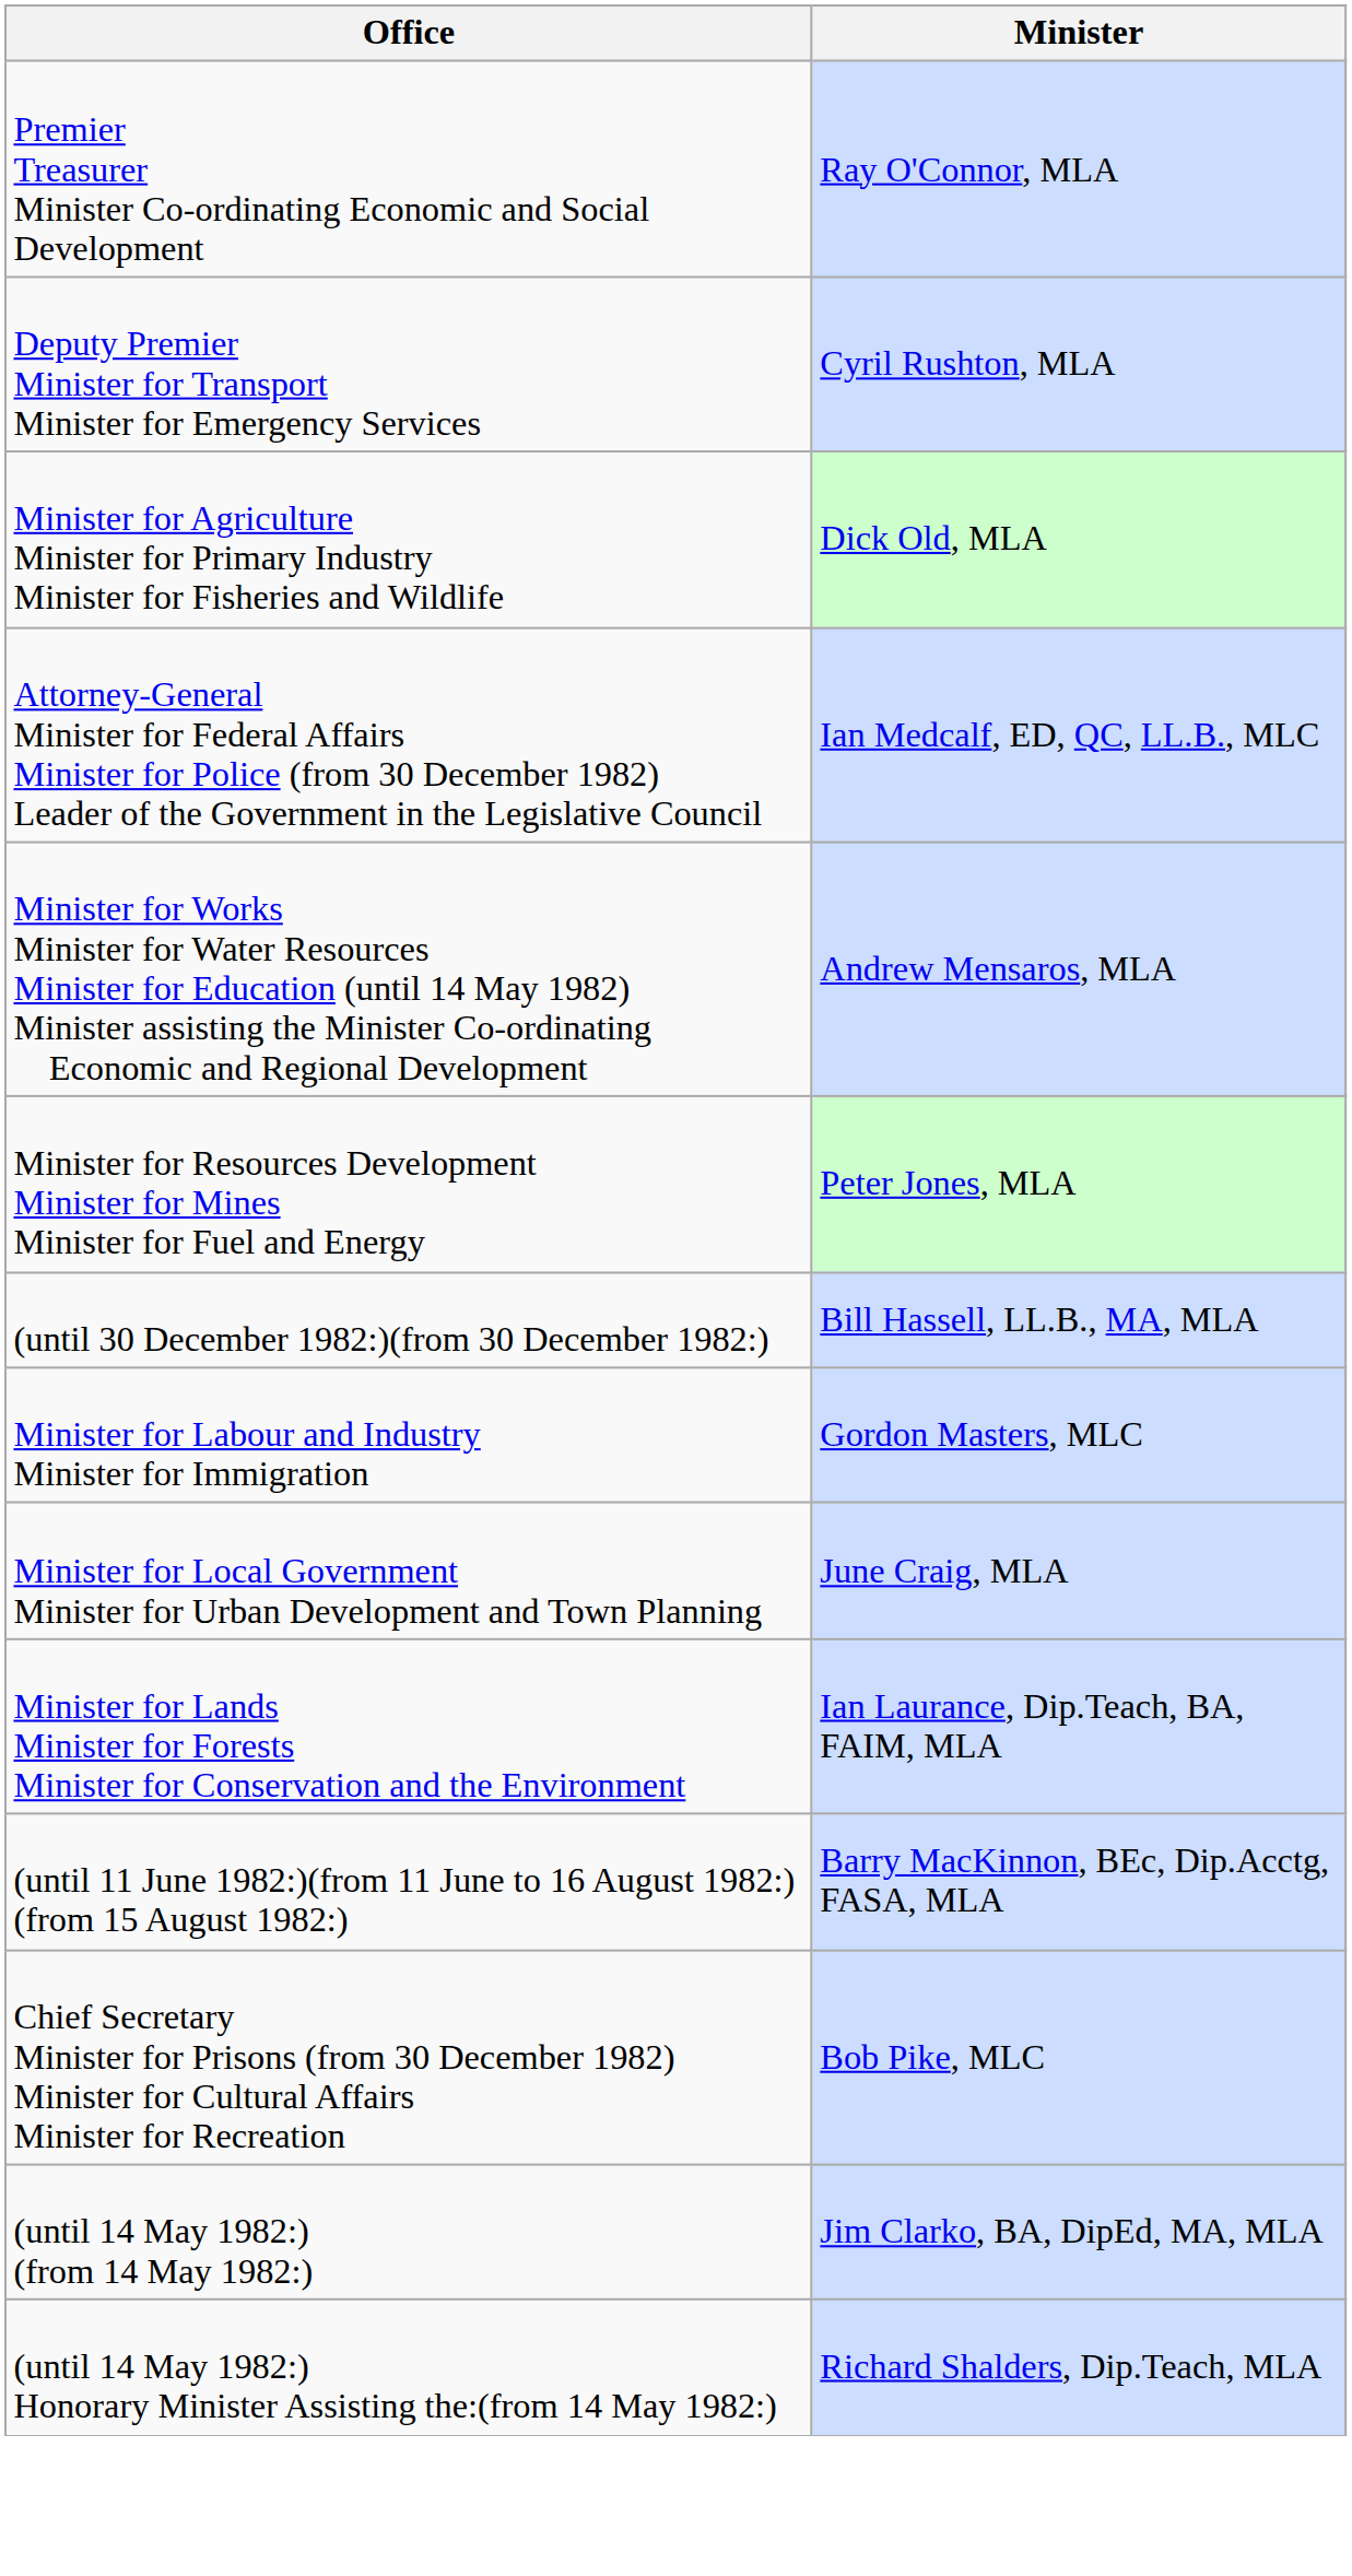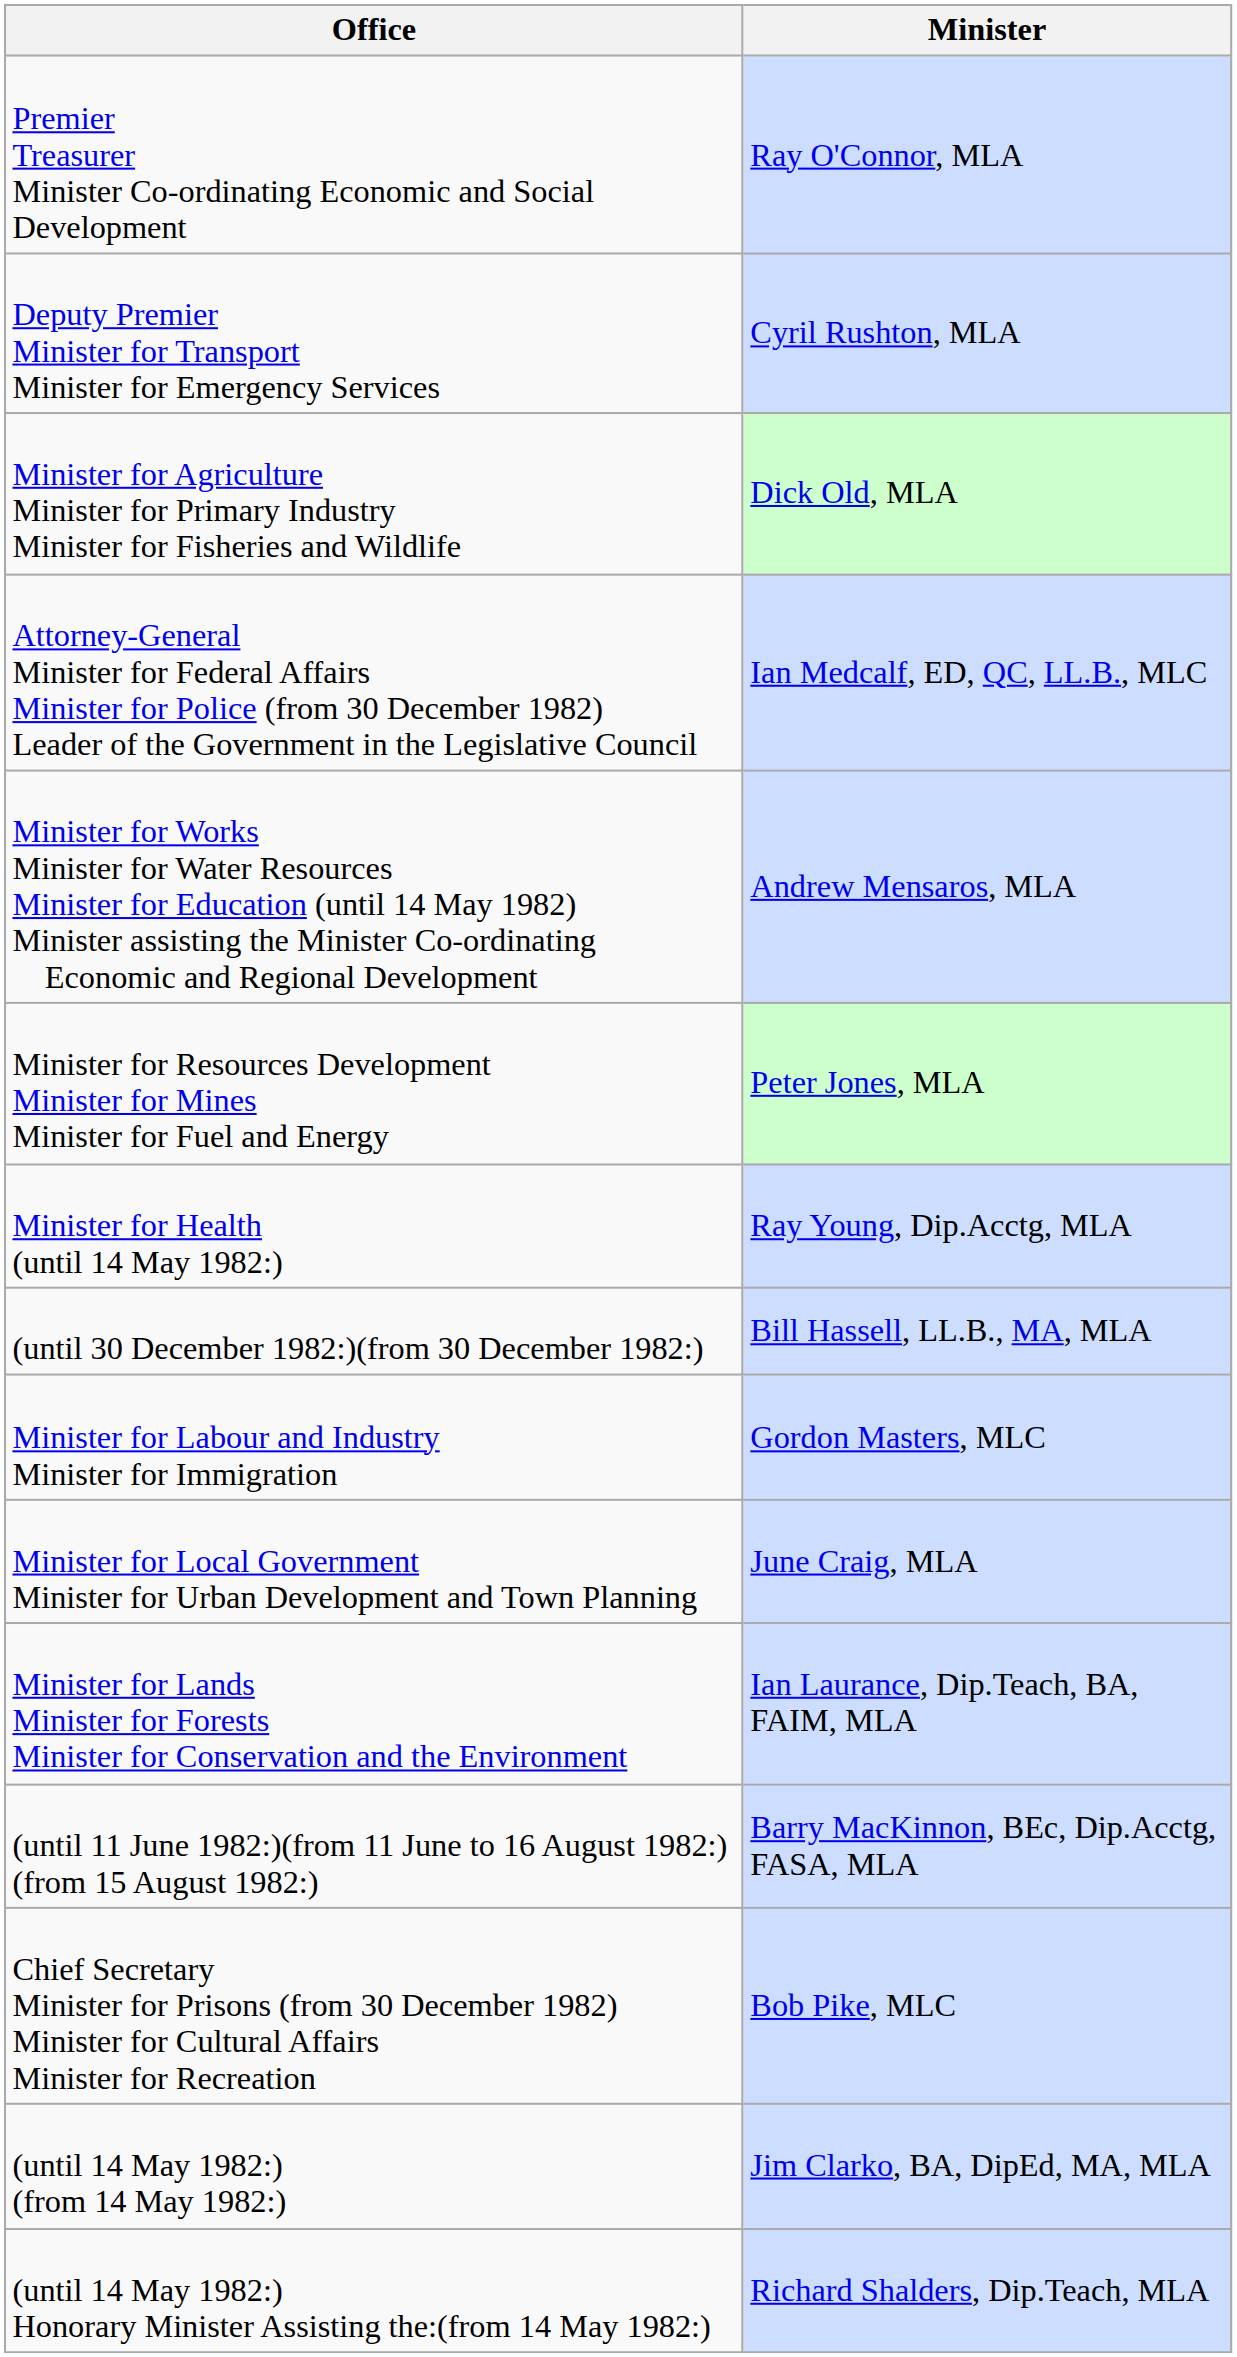 <table class="wikitable">
 <tr>
 <th>Office</th>
 <th>Minister</th>
 </tr>
 <tr>
 <td><br><a href='#'>Premier</a><br> <a href='#'>Treasurer</a><br> Minister Co-ordinating Economic and Social Development<br></td>
 <td style="background:#CCDDFF"><a href='#'>Ray O'Connor</a>, MLA</td>
 </tr>
 <tr>
 <td><br><a href='#'>Deputy Premier</a><br> <a href='#'>Minister for Transport</a><br> Minister for Emergency Services<br></td>
 <td style="background:#CCDDFF"><a href='#'>Cyril Rushton</a>, MLA</td>
 </tr>
 <tr>
 <td><br><a href='#'>Minister for Agriculture</a><br> Minister for Primary Industry<br> Minister for Fisheries and Wildlife<br></td>
 <td style="background:#CCFFCC"><a href='#'>Dick Old</a>, MLA</td>
 </tr>
 <tr>
 <td><br><a href='#'>Attorney-General</a><br> Minister for Federal Affairs<br> <a href='#'>Minister for Police</a> (from 30 December 1982)<br> Leader of the Government in the Legislative Council</td>
 <td style="background:#CCDDFF"><a href='#'>Ian Medcalf</a>, ED, <a href='#'>QC</a>, <a href='#'>LL.B.</a>, MLC</td>
 </tr>
 <tr>
 <td><br><a href='#'>Minister for Works</a><br> Minister for Water Resources<br> <a href='#'>Minister for Education</a> (until 14 May 1982)<br> Minister assisting the Minister Co-ordinating<br>    Economic and Regional Development</td>
 <td style="background:#CCDDFF"><a href='#'>Andrew Mensaros</a>, MLA</td>
 </tr>
 <tr>
 <td><br>Minister for Resources Development<br> <a href='#'>Minister for Mines</a><br> Minister for Fuel and Energy</td>
 <td style="background:#CCFFCC"><a href='#'>Peter Jones</a>, MLA</td>
+</tr>
+<tr>
+<td><br><a href='#'>Minister for Health</a><br>(until 14 May 1982:)</td>
+<td style="background:#CCDDFF"><a href='#'>Ray Young</a>, Dip.Acctg, MLA</td>
 </tr>
 <tr>
 <td><br>(until 30 December 1982:)(from 30 December 1982:)</td>
 <td style="background:#CCDDFF"><a href='#'>Bill Hassell</a>, LL.B., <a href='#'>MA</a>, MLA</td>
 </tr>
 <tr>
 <td><br><a href='#'>Minister for Labour and Industry</a><br> Minister for Immigration</td>
 <td style="background:#CCDDFF"><a href='#'>Gordon Masters</a>, MLC</td>
 </tr>
 <tr>
 <td><br><a href='#'>Minister for Local Government</a><br> Minister for Urban Development and Town Planning</td>
 <td style="background:#CCDDFF"><a href='#'>June Craig</a>, MLA</td>
 </tr>
 <tr>
 <td><br><a href='#'>Minister for Lands</a><br> <a href='#'>Minister for Forests</a><br> <a href='#'>Minister for Conservation and the Environment</a><br></td>
 <td style="background:#CCDDFF"><a href='#'>Ian Laurance</a>, Dip.Teach, BA, FAIM, MLA</td>
 </tr>
 <tr>
 <td><br>(until 11 June 1982:)(from 11 June to 16 August 1982:)(from 15 August 1982:)</td>
 <td style="background:#CCDDFF"><a href='#'>Barry MacKinnon</a>, BEc, Dip.Acctg, FASA, MLA</td>
 </tr>
 <tr>
 <td><br>Chief Secretary<br> Minister for Prisons (from 30 December 1982)<br> Minister for Cultural Affairs<br> Minister for Recreation<br></td>
 <td style="background:#CCDDFF"><a href='#'>Bob Pike</a>, MLC</td>
 </tr>
 <tr>
 <td><br>(until 14 May 1982:)<br>(from 14 May 1982:)<br></td>
 <td style="background:#CCDDFF"><a href='#'>Jim Clarko</a>, BA, DipEd, MA, MLA</td>
 </tr>
 <tr>
 <td><br>(until 14 May 1982:)<br> Honorary Minister Assisting the:(from 14 May 1982:)<br></td>
 <td style="background:#CCDDFF"><a href='#'>Richard Shalders</a>, Dip.Teach, MLA</td>
 </tr>
 </table>
